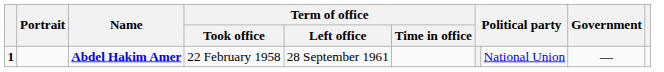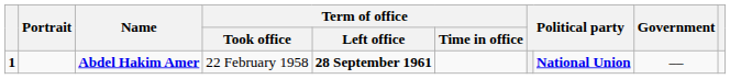 <table class="wikitable" style="text-align:center">
 <tr>
 <th rowspan="2"></th>
 <th rowspan="2">Portrait</th>
 <th rowspan="2">Name<br></th>
 <th colspan="3">Term of office</th>
 <th colspan="2" rowspan="2">Political party</th>
 <th rowspan="2">Government</th>
 <th rowspan="2"></th>
 </tr>
 <tr>
 <th>Took office</th>
 <th>Left office</th>
 <th>Time in office</th>
 </tr>
 <tr>
 <td><strong>1</strong></td>
 <td></td>
 <td><strong><a href='#'>Abdel Hakim Amer</a></strong><br></td>
 <td>22 February 1958</td>
-<td>28 September 1961</td>
+<td><strong>28 September 1961</strong></td>
 <td></td>
 <th style="background:"></th>
-<td><a href='#'>National Union</a></td>
+<td><strong><a href='#'>National Union</a></strong></td>
 <td>––</td>
 <td></td>
 </tr>
 </table>
